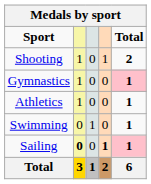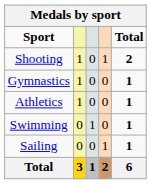 <table class=wikitable style="font-size:85%; float:right">
 <tr bgcolor=efefef>
 <th colspan=7>Medals by sport</th>
 </tr>
 <tr align=center>
 <td><strong>Sport</strong></td>
 <td bgcolor=f7f6a8></td>
 <td bgcolor=dce5e5></td>
 <td bgcolor=ffdab9></td>
 <td><strong>Total</strong></td>
 </tr>
 <tr align=center>
 <td><a href='#'>Shooting</a></td>
 <td bgcolor=F7F6A8>1</td>
 <td bgcolor=DCE5E5>0</td>
 <td bgcolor=FFDAB9>1</td>
 <td><strong>2</strong></td>
 </tr>
 <tr align=center>
 <td><a href='#'>Gymnastics</a></td>
 <td bgcolor=F7F6A8>1</td>
 <td bgcolor=DCE5E5>0</td>
 <td bgcolor=FFDAB9>0</td>
-<td style="background: pink;"><strong>1</strong></td>
+<td><strong>1</strong></td>
 </tr>
 <tr align=center>
 <td><a href='#'>Athletics</a></td>
 <td bgcolor=F7F6A8>1</td>
 <td bgcolor=DCE5E5>0</td>
 <td bgcolor=FFDAB9>0</td>
 <td><strong>1</strong></td>
 </tr>
 <tr align=center>
 <td><a href='#'>Swimming</a></td>
 <td bgcolor=F7F6A8>0</td>
 <td bgcolor=DCE5E5>1</td>
 <td bgcolor=FFDAB9>0</td>
 <td><strong>1</strong></td>
 </tr>
 <tr align=center>
 <td><a href='#'>Sailing</a></td>
-<td bgcolor=F7F6A8><strong>0</strong></td>
+<td bgcolor=F7F6A8>0</td>
 <td bgcolor=DCE5E5>0</td>
-<td bgcolor=FFDAB9><strong>1</strong></td>
-<td style="background: pink;"><strong>1</strong></td>
+<td bgcolor=FFDAB9>1</td>
+<td><strong>1</strong></td>
 </tr>
 <tr align=center>
 <th>Total</th>
 <th style="background:gold">3</th>
 <th style="background:silver">1</th>
 <th style="background:#c96">2</th>
 <th>6</th>
 </tr>
 </table>
